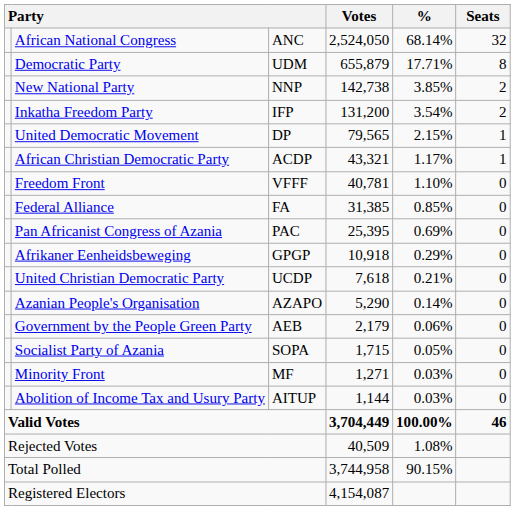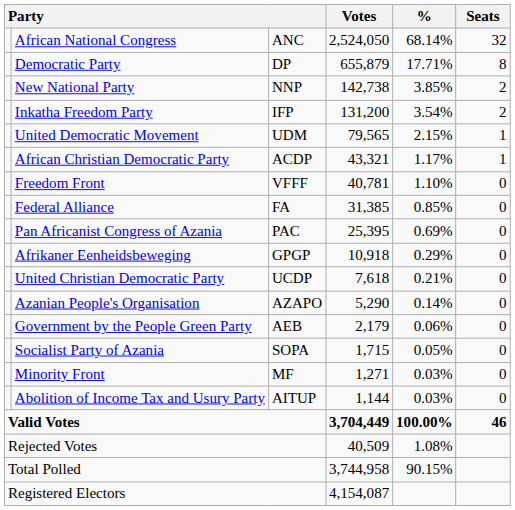 <table class="wikitable" border="1" style="text-align:right;">
 <tr>
 <th style="text-align:left;" colspan=3>Party</th>
 <th align=center width="50">Votes</th>
 <th align=center width="50">%</th>
 <th align=center width="50">Seats</th>
 </tr>
 <tr>
 <td style="background:"></td>
 <td align=left><a href='#'>African National Congress</a></td>
 <td align=left>ANC</td>
 <td>2,524,050</td>
 <td>68.14%</td>
 <td>32</td>
 </tr>
 <tr>
 <td style="background:"></td>
 <td align=left><a href='#'>Democratic Party</a></td>
-<td align=left>UDM</td>
+<td align=left>DP</td>
 <td>655,879</td>
 <td>17.71%</td>
 <td>8</td>
 </tr>
 <tr>
 <td style="background:"></td>
 <td align=left><a href='#'>New National Party</a></td>
 <td align=left>NNP</td>
 <td>142,738</td>
 <td>3.85%</td>
 <td>2</td>
 </tr>
 <tr>
 <td style="background:"></td>
 <td align=left><a href='#'>Inkatha Freedom Party</a></td>
 <td align=left>IFP</td>
 <td>131,200</td>
 <td>3.54%</td>
 <td>2</td>
 </tr>
 <tr>
 <td style="background:"></td>
 <td align=left><a href='#'>United Democratic Movement</a></td>
-<td align=left>DP</td>
+<td align=left>UDM</td>
 <td>79,565</td>
 <td>2.15%</td>
 <td>1</td>
 </tr>
 <tr>
 <td style="background:"></td>
 <td align=left><a href='#'>African Christian Democratic Party</a></td>
 <td align=left>ACDP</td>
 <td>43,321</td>
 <td>1.17%</td>
 <td>1</td>
 </tr>
 <tr>
 <td style="background:"></td>
 <td align=left><a href='#'>Freedom Front</a></td>
 <td align=left>VFFF</td>
 <td>40,781</td>
 <td>1.10%</td>
 <td>0</td>
 </tr>
 <tr>
 <td></td>
 <td align=left><a href='#'>Federal Alliance</a></td>
 <td align=left>FA</td>
 <td>31,385</td>
 <td>0.85%</td>
 <td>0</td>
 </tr>
 <tr>
 <td style="background:"></td>
 <td align=left><a href='#'>Pan Africanist Congress of Azania</a></td>
 <td align=left>PAC</td>
 <td>25,395</td>
 <td>0.69%</td>
 <td>0</td>
 </tr>
 <tr>
 <td></td>
 <td align=left><a href='#'>Afrikaner Eenheidsbeweging</a></td>
 <td align=left>GPGP</td>
 <td>10,918</td>
 <td>0.29%</td>
 <td>0</td>
 </tr>
 <tr>
 <td style="background:"></td>
 <td align=left><a href='#'>United Christian Democratic Party</a></td>
 <td align=left>UCDP</td>
 <td>7,618</td>
 <td>0.21%</td>
 <td>0</td>
 </tr>
 <tr>
 <td style="background:"></td>
 <td align=left><a href='#'>Azanian People's Organisation</a></td>
 <td align=left>AZAPO</td>
 <td>5,290</td>
 <td>0.14%</td>
 <td>0</td>
 </tr>
 <tr>
 <td style="background:"></td>
 <td align=left><a href='#'>Government by the People Green Party</a></td>
 <td align=left>AEB</td>
 <td>2,179</td>
 <td>0.06%</td>
 <td>0</td>
 </tr>
 <tr>
 <td style="background:"></td>
 <td align=left><a href='#'>Socialist Party of Azania</a></td>
 <td align=left>SOPA</td>
 <td>1,715</td>
 <td>0.05%</td>
 <td>0</td>
 </tr>
 <tr>
 <td style="background:"></td>
 <td align=left><a href='#'>Minority Front</a></td>
 <td align=left>MF</td>
 <td>1,271</td>
 <td>0.03%</td>
 <td>0</td>
 </tr>
 <tr>
 <td style="background:"></td>
 <td align=left><a href='#'>Abolition of Income Tax and Usury Party</a></td>
 <td align=left>AITUP</td>
 <td>1,144</td>
 <td>0.03%</td>
 <td>0</td>
 </tr>
 <tr style="font-weight:bold">
 <td align=left colspan=3>Valid Votes</td>
 <td>3,704,449</td>
 <td>100.00%</td>
 <td>46</td>
 </tr>
 <tr>
 <td align=left colspan=3>Rejected Votes</td>
 <td>40,509</td>
 <td>1.08%</td>
 <td></td>
 </tr>
 <tr>
 <td align=left colspan=3>Total Polled</td>
 <td>3,744,958</td>
 <td>90.15%</td>
 <td></td>
 </tr>
 <tr>
 <td align=left colspan=3>Registered Electors</td>
 <td>4,154,087</td>
 <td></td>
 <td></td>
 </tr>
 </table>
